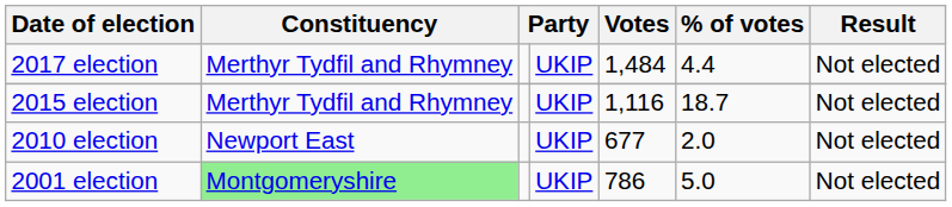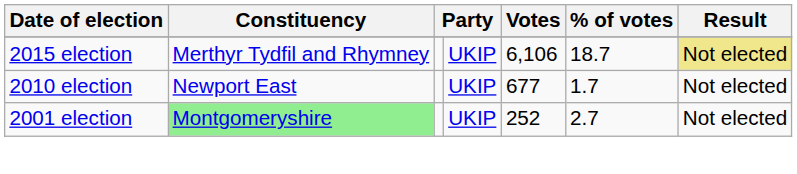 <table class="wikitable">
 <tr>
 <th>Date of election</th>
 <th>Constituency</th>
 <th colspan = 2>Party</th>
 <th>Votes</th>
 <th>% of votes</th>
 <th>Result</th>
 </tr>
 <tr>
-<td><a href='#'>2017 election</a></td>
-<td><a href='#'>Merthyr Tydfil and Rhymney</a></td>
-<td style="background-color: "></td>
-<td><a href='#'>UKIP</a></td>
-<td>1,484</td>
-<td>4.4</td>
-<td>Not elected</td>
-</tr>
-<tr>
 </tr>
 <tr>
 <td><a href='#'>2015 election</a></td>
 <td><a href='#'>Merthyr Tydfil and Rhymney</a></td>
 <td style="background-color: "></td>
 <td><a href='#'>UKIP</a></td>
-<td>1,116</td>
+<td>6,106</td>
 <td>18.7</td>
-<td>Not elected</td>
+<td style="background: khaki;">Not elected</td>
 </tr>
 <tr>
 <td><a href='#'>2010 election</a></td>
 <td><a href='#'>Newport East</a></td>
 <td style="background-color: "></td>
 <td><a href='#'>UKIP</a></td>
 <td>677</td>
-<td>2.0</td>
+<td>1.7</td>
 <td>Not elected</td>
 </tr>
 <tr>
 <td><a href='#'>2001 election</a></td>
 <td style="background: lightgreen;"><a href='#'>Montgomeryshire</a></td>
 <td style="background-color: "></td>
 <td><a href='#'>UKIP</a></td>
-<td>786</td>
-<td>5.0</td>
+<td>252</td>
+<td>2.7</td>
 <td>Not elected</td>
 </tr>
 </table>
